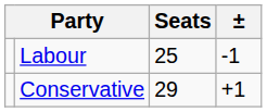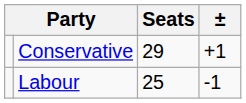 <table class="wikitable">
 <tr>
 <th colspan="2">Party</th>
 <th>Seats</th>
 <th>  ±  </th>
 </tr>
 <tr>
 <td style="background-color: "></td>
+<td><a href='#'>Conservative</a></td>
+<td>29</td>
+<td>+1</td>
+</tr>
+<tr>
+<td style="background-color: "></td>
 <td><a href='#'>Labour</a></td>
 <td>25</td>
 <td>-1</td>
 </tr>
-<tr>
-<td style="background-color: "></td>
-<td><a href='#'>Conservative</a></td>
-<td>29</td>
-<td>+1</td>
-</tr>
 </table>
